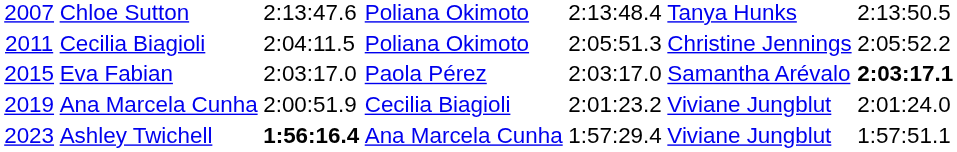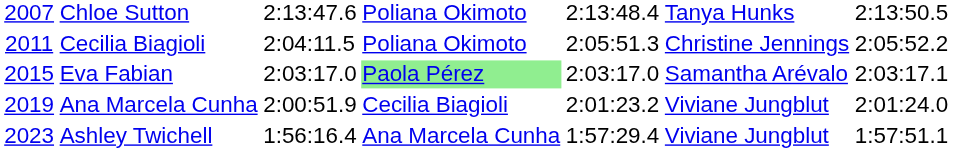 <table>
 <tr>
 <td align=center><a href='#'>2007</a></td>
 <td> <a href='#'>Chloe Sutton</a></td>
 <td>2:13:47.6</td>
 <td> <a href='#'>Poliana Okimoto</a></td>
 <td>2:13:48.4</td>
 <td> <a href='#'>Tanya Hunks</a></td>
 <td>2:13:50.5</td>
 </tr>
 <tr>
 <td align=center><a href='#'>2011</a></td>
 <td> <a href='#'>Cecilia Biagioli</a></td>
 <td>2:04:11.5</td>
 <td> <a href='#'>Poliana Okimoto</a></td>
 <td>2:05:51.3</td>
 <td> <a href='#'>Christine Jennings</a></td>
 <td>2:05:52.2</td>
 </tr>
 <tr>
 <td align=center><a href='#'>2015</a></td>
 <td> <a href='#'>Eva Fabian</a></td>
 <td>2:03:17.0</td>
-<td> <a href='#'>Paola Pérez</a></td>
+<td style="background: lightgreen;"> <a href='#'>Paola Pérez</a></td>
 <td>2:03:17.0</td>
 <td> <a href='#'>Samantha Arévalo</a></td>
-<td><strong>2:03:17.1</strong></td>
+<td>2:03:17.1</td>
 </tr>
 <tr>
 <td align=center><a href='#'>2019</a></td>
 <td> <a href='#'>Ana Marcela Cunha</a></td>
 <td>2:00:51.9</td>
 <td> <a href='#'>Cecilia Biagioli</a></td>
 <td>2:01:23.2</td>
 <td> <a href='#'>Viviane Jungblut</a></td>
 <td>2:01:24.0</td>
 </tr>
 <tr>
 <td align=center><a href='#'>2023</a></td>
 <td> <a href='#'>Ashley Twichell</a></td>
-<td><strong>1:56:16.4</strong></td>
+<td>1:56:16.4</td>
 <td> <a href='#'>Ana Marcela Cunha</a></td>
 <td>1:57:29.4</td>
 <td> <a href='#'>Viviane Jungblut</a></td>
 <td>1:57:51.1</td>
 </tr>
 </table>
